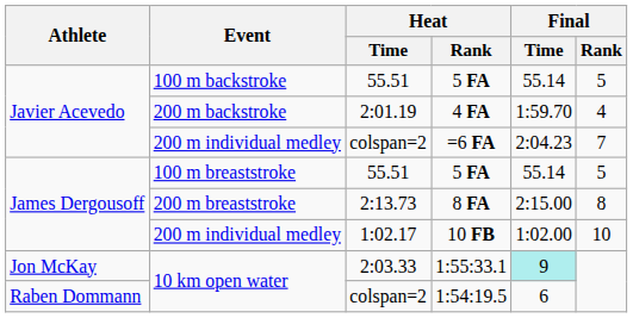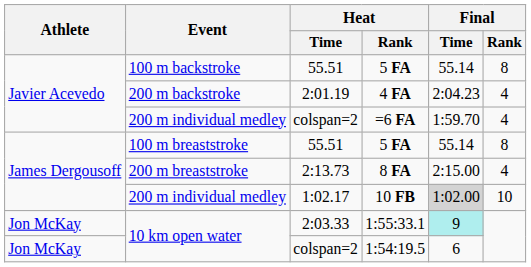 <table class=wikitable style="font-size:90%">
 <tr>
 <th rowspan="2">Athlete</th>
 <th rowspan="2">Event</th>
 <th colspan="2">Heat</th>
 <th colspan="2">Final</th>
 </tr>
 <tr style="font-size:95%">
 <th>Time</th>
 <th>Rank</th>
 <th>Time</th>
 <th>Rank</th>
 </tr>
 <tr align=center>
 <td align=left rowspan=3><a href='#'>Javier Acevedo</a></td>
 <td align=left><a href='#'>100 m backstroke</a></td>
 <td>55.51</td>
 <td>5 <strong>FA</strong></td>
 <td>55.14</td>
-<td>5</td>
+<td>8</td>
 </tr>
 <tr align=center>
 <td align=left><a href='#'>200 m backstroke</a></td>
 <td>2:01.19</td>
 <td>4 <strong>FA</strong></td>
-<td>1:59.70</td>
+<td>2:04.23</td>
 <td>4</td>
 </tr>
 <tr align=center>
 <td align=left><a href='#'>200 m individual medley</a></td>
 <td>colspan=2 </td>
 <td>=6 <strong>FA</strong></td>
-<td>2:04.23</td>
-<td>7</td>
+<td>1:59.70</td>
+<td>4</td>
 </tr>
 <tr align=center>
 <td align=left rowspan=3><a href='#'>James Dergousoff</a></td>
 <td align=left><a href='#'>100 m breaststroke</a></td>
 <td>55.51</td>
 <td>5 <strong>FA</strong></td>
 <td>55.14</td>
-<td>5</td>
+<td>8</td>
 </tr>
 <tr align=center>
 <td align=left><a href='#'>200 m breaststroke</a></td>
 <td>2:13.73</td>
 <td>8 <strong>FA</strong></td>
 <td>2:15.00</td>
-<td>8</td>
+<td>4</td>
 </tr>
 <tr align=center>
 <td align=left><a href='#'>200 m individual medley</a></td>
 <td>1:02.17</td>
 <td>10 <strong>FB</strong></td>
-<td>1:02.00</td>
+<td style="background: lightgrey;">1:02.00</td>
 <td>10</td>
 </tr>
 <tr align=center>
 <td align=left><a href='#'>Jon McKay</a></td>
 <td align=left rowspan=2><a href='#'>10 km open water</a></td>
 <td>2:03.33</td>
 <td>1:55:33.1</td>
 <td style="background: paleturquoise;">9</td>
 </tr>
 <tr align=center>
-<td align=left><a href='#'>Raben Dommann</a></td>
+<td align=left><a href='#'>Jon McKay</a></td>
 <td>colspan=2 </td>
 <td>1:54:19.5</td>
 <td>6</td>
 </tr>
 </table>
